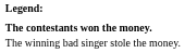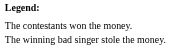 <table class="toccolours" style="font-size:100%; white-space:nowrap;">
 <tr>
 <td><strong>Legend:</strong></td>
 <td>      </td>
 </tr>
 <tr>
 <td></td>
 </tr>
 <tr>
 <td></td>
 </tr>
 <tr>
-<td><strong> The contestants won the money.</strong></td>
+<td> The contestants won the money.</td>
 </tr>
 <tr>
 <td> The winning bad singer stole the money.</td>
 </tr>
 </table>
